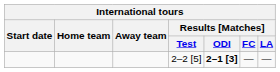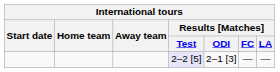 <table class="wikitable">
 <tr>
 <th colspan="7">International tours</th>
 </tr>
 <tr>
 <th rowspan="2">Start date</th>
 <th rowspan="2">Home team</th>
 <th rowspan="2">Away team</th>
 <th colspan="4">Results [Matches]</th>
 </tr>
 <tr>
 <th><a href='#'>Test</a></th>
 <th><a href='#'>ODI</a></th>
 <th><a href='#'>FC</a></th>
 <th><a href='#'>LA</a></th>
 </tr>
 <tr>
 <td><a href='#'></a></td>
 <td></td>
 <td></td>
-<td>2–2 [5]</td>
-<td><strong>2–1 [3]</strong></td>
+<td style="background: lavender;">2–2 [5]</td>
+<td>2–1 [3]</td>
 <td ; style="text-align:center">—</td>
 <td ; style="text-align:center">—</td>
 </tr>
 </table>
